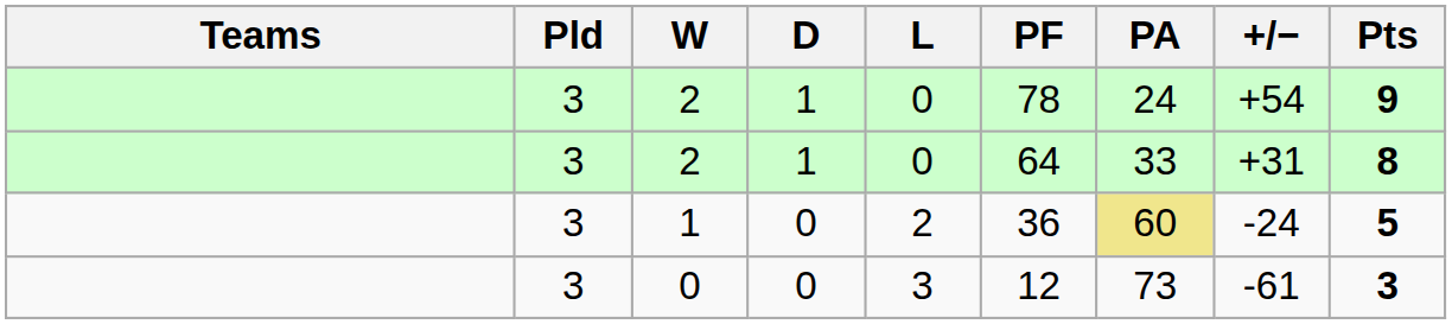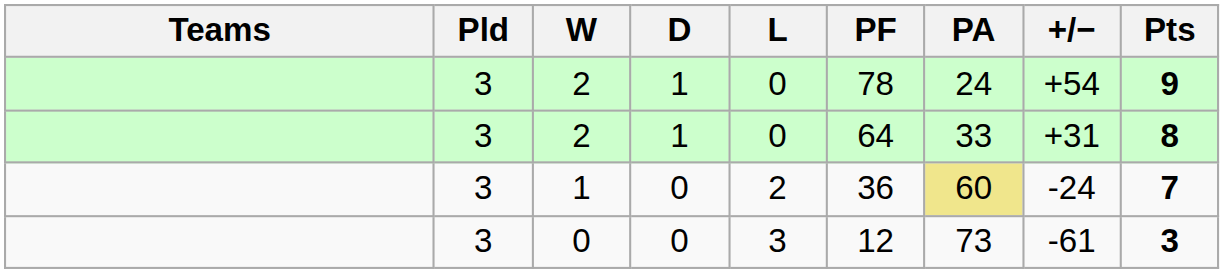 <table class="wikitable" style="text-align: center;">
 <tr>
 <th width="200">Teams</th>
 <th width="40">Pld</th>
 <th width="40">W</th>
 <th width="40">D</th>
 <th width="40">L</th>
 <th width="40">PF</th>
 <th width="40">PA</th>
 <th width="40">+/−</th>
 <th width="40">Pts</th>
 </tr>
 <tr bgcolor=ccffcc>
 <td align=left></td>
 <td>3</td>
 <td>2</td>
 <td>1</td>
 <td>0</td>
 <td>78</td>
 <td>24</td>
 <td>+54</td>
 <td><strong>9</strong></td>
 </tr>
 <tr bgcolor=ccffcc>
 <td align=left></td>
 <td>3</td>
 <td>2</td>
 <td>1</td>
 <td>0</td>
 <td>64</td>
 <td>33</td>
 <td>+31</td>
 <td><strong>8</strong></td>
 </tr>
 <tr>
 <td align=left></td>
 <td>3</td>
 <td>1</td>
 <td>0</td>
 <td>2</td>
 <td>36</td>
 <td style="background: khaki;">60</td>
 <td>-24</td>
-<td><strong>5</strong></td>
+<td><strong>7</strong></td>
 </tr>
 <tr>
 <td align=left></td>
 <td>3</td>
 <td>0</td>
 <td>0</td>
 <td>3</td>
 <td>12</td>
 <td>73</td>
 <td>-61</td>
 <td><strong>3</strong></td>
 </tr>
 </table>
